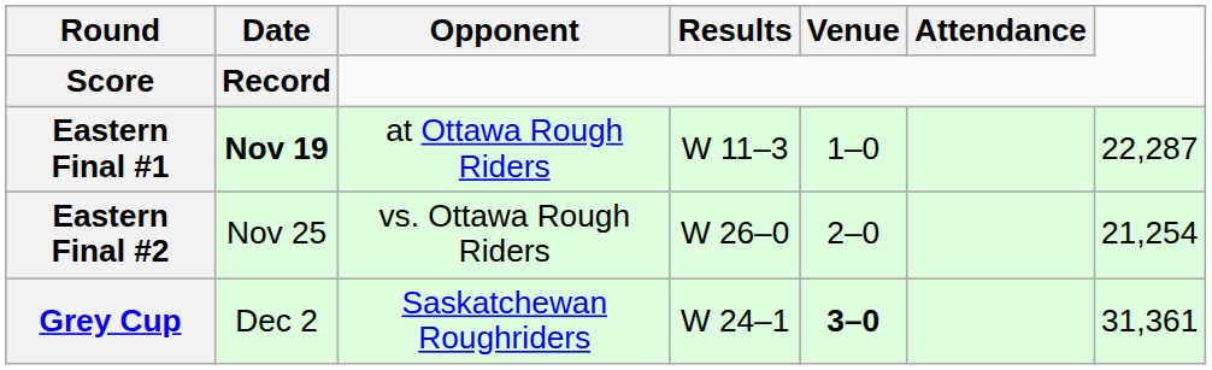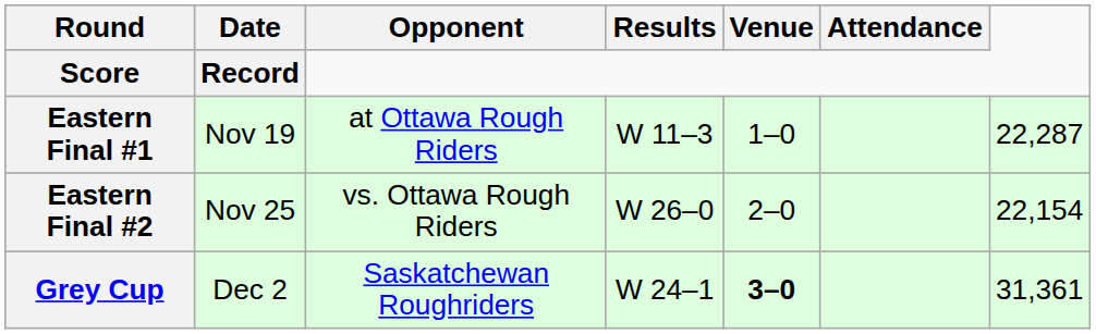 <table class="wikitable" style="text-align:center">
 <tr>
 <th>Round</th>
 <th>Date</th>
 <th>Opponent</th>
 <th>Results</th>
 <th>Venue</th>
 <th>Attendance</th>
 </tr>
 <tr>
 <th>Score</th>
 <th>Record</th>
 </tr>
 <tr style="background:#ddffdd">
 <th>Eastern Final #1</th>
-<td><strong>Nov 19</strong></td>
+<td>Nov 19</td>
 <td>at <a href='#'>Ottawa Rough Riders</a></td>
 <td>W 11–3</td>
 <td>1–0</td>
 <td></td>
 <td>22,287</td>
 </tr>
 <tr style="background:#ddffdd">
 <th>Eastern Final #2</th>
 <td>Nov 25</td>
 <td>vs. Ottawa Rough Riders</td>
 <td>W 26–0</td>
 <td>2–0</td>
 <td></td>
-<td>21,254</td>
+<td>22,154</td>
 </tr>
 <tr style="background:#ddffdd">
 <th><a href='#'>Grey Cup</a></th>
 <td>Dec 2</td>
 <td><a href='#'>Saskatchewan Roughriders</a></td>
 <td>W 24–1</td>
 <td><strong>3–0</strong></td>
 <td></td>
 <td>31,361</td>
 </tr>
 </table>
